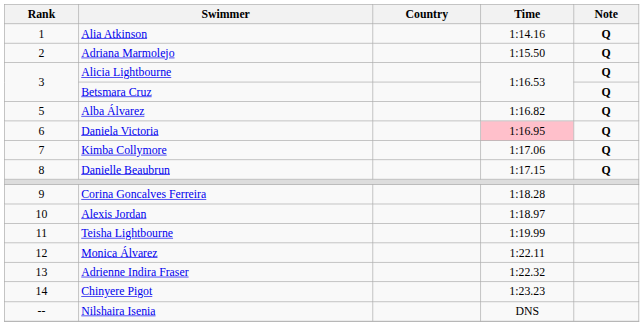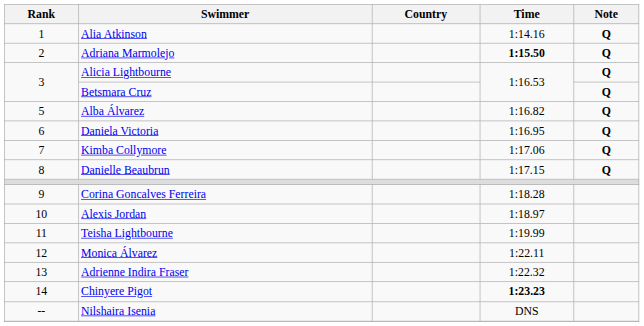 <table class="wikitable" style=" text-align:center; font-size:110%;" width="75%">
 <tr>
 <th>Rank</th>
 <th>Swimmer</th>
 <th>Country</th>
 <th>Time</th>
 <th>Note</th>
 </tr>
 <tr>
 <td>1</td>
 <td align=left><a href='#'>Alia Atkinson</a></td>
 <td align=left></td>
 <td>1:14.16</td>
 <td><strong>Q</strong></td>
 </tr>
 <tr>
 <td>2</td>
 <td align=left><a href='#'>Adriana Marmolejo</a></td>
 <td align=left></td>
-<td>1:15.50</td>
+<td><strong>1:15.50</strong></td>
 <td><strong>Q</strong></td>
 </tr>
 <tr>
 <td rowspan=2>3</td>
 <td align=left><a href='#'>Alicia Lightbourne</a></td>
 <td align=left></td>
 <td rowspan=2>1:16.53</td>
 <td><strong>Q</strong></td>
 </tr>
 <tr>
 <td align=left><a href='#'>Betsmara Cruz</a></td>
 <td align=left></td>
 <td><strong>Q</strong></td>
 </tr>
 <tr>
 <td>5</td>
 <td align=left><a href='#'>Alba Álvarez</a></td>
 <td align=left></td>
 <td>1:16.82</td>
 <td><strong>Q</strong></td>
 </tr>
 <tr>
 <td>6</td>
 <td align=left><a href='#'>Daniela Victoria</a></td>
 <td align=left></td>
-<td style="background: pink;">1:16.95</td>
+<td>1:16.95</td>
 <td><strong>Q</strong></td>
 </tr>
 <tr>
 <td>7</td>
 <td align=left><a href='#'>Kimba Collymore</a></td>
 <td align=left></td>
 <td>1:17.06</td>
 <td><strong>Q</strong></td>
 </tr>
 <tr>
 <td>8</td>
 <td align=left><a href='#'>Danielle Beaubrun</a></td>
 <td align=left></td>
 <td>1:17.15</td>
 <td><strong>Q</strong></td>
 </tr>
 <tr bgcolor=#DDDDDD>
 <td colspan=5></td>
 </tr>
 <tr>
 <td>9</td>
 <td align=left><a href='#'>Corina Goncalves Ferreira</a></td>
 <td align=left></td>
 <td>1:18.28</td>
 <td></td>
 </tr>
 <tr>
 <td>10</td>
 <td align=left><a href='#'>Alexis Jordan</a></td>
 <td align=left></td>
 <td>1:18.97</td>
 <td></td>
 </tr>
 <tr>
 <td>11</td>
 <td align=left><a href='#'>Teisha Lightbourne</a></td>
 <td align=left></td>
 <td>1:19.99</td>
 <td></td>
 </tr>
 <tr>
 <td>12</td>
 <td align=left><a href='#'>Monica Álvarez</a></td>
 <td align=left></td>
 <td>1:22.11</td>
 <td></td>
 </tr>
 <tr>
 <td>13</td>
 <td align=left><a href='#'>Adrienne Indira Fraser</a></td>
 <td align=left></td>
 <td>1:22.32</td>
 <td></td>
 </tr>
 <tr>
 <td>14</td>
 <td align=left><a href='#'>Chinyere Pigot</a></td>
 <td align=left></td>
-<td>1:23.23</td>
+<td><strong>1:23.23</strong></td>
 <td></td>
 </tr>
 <tr>
 <td>--</td>
 <td align=left><a href='#'>Nilshaira Isenia</a></td>
 <td align=left></td>
 <td>DNS</td>
 <td></td>
 </tr>
 <tr>
 </tr>
 </table>
